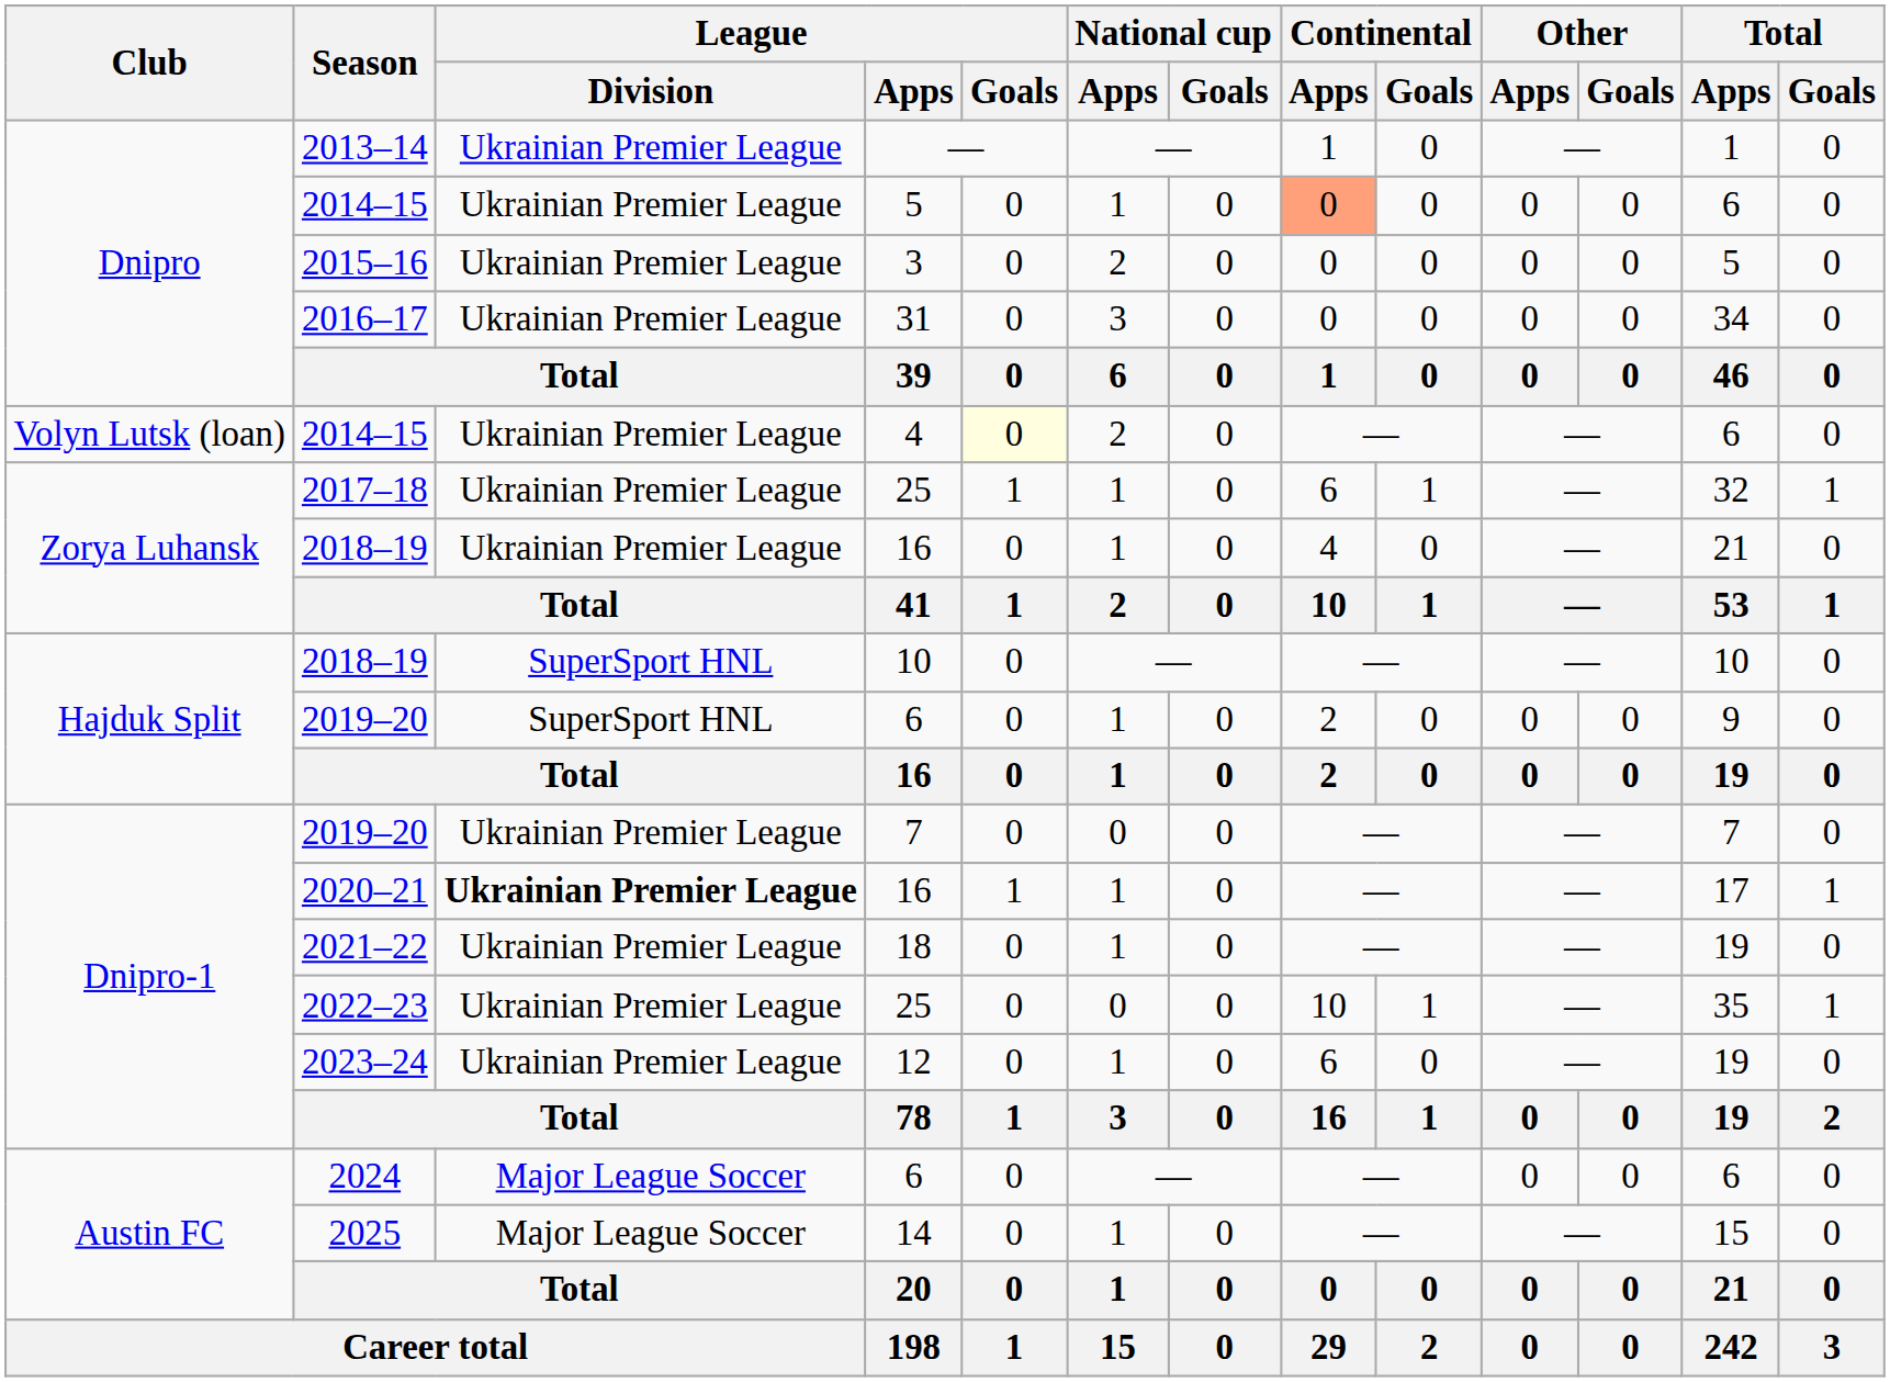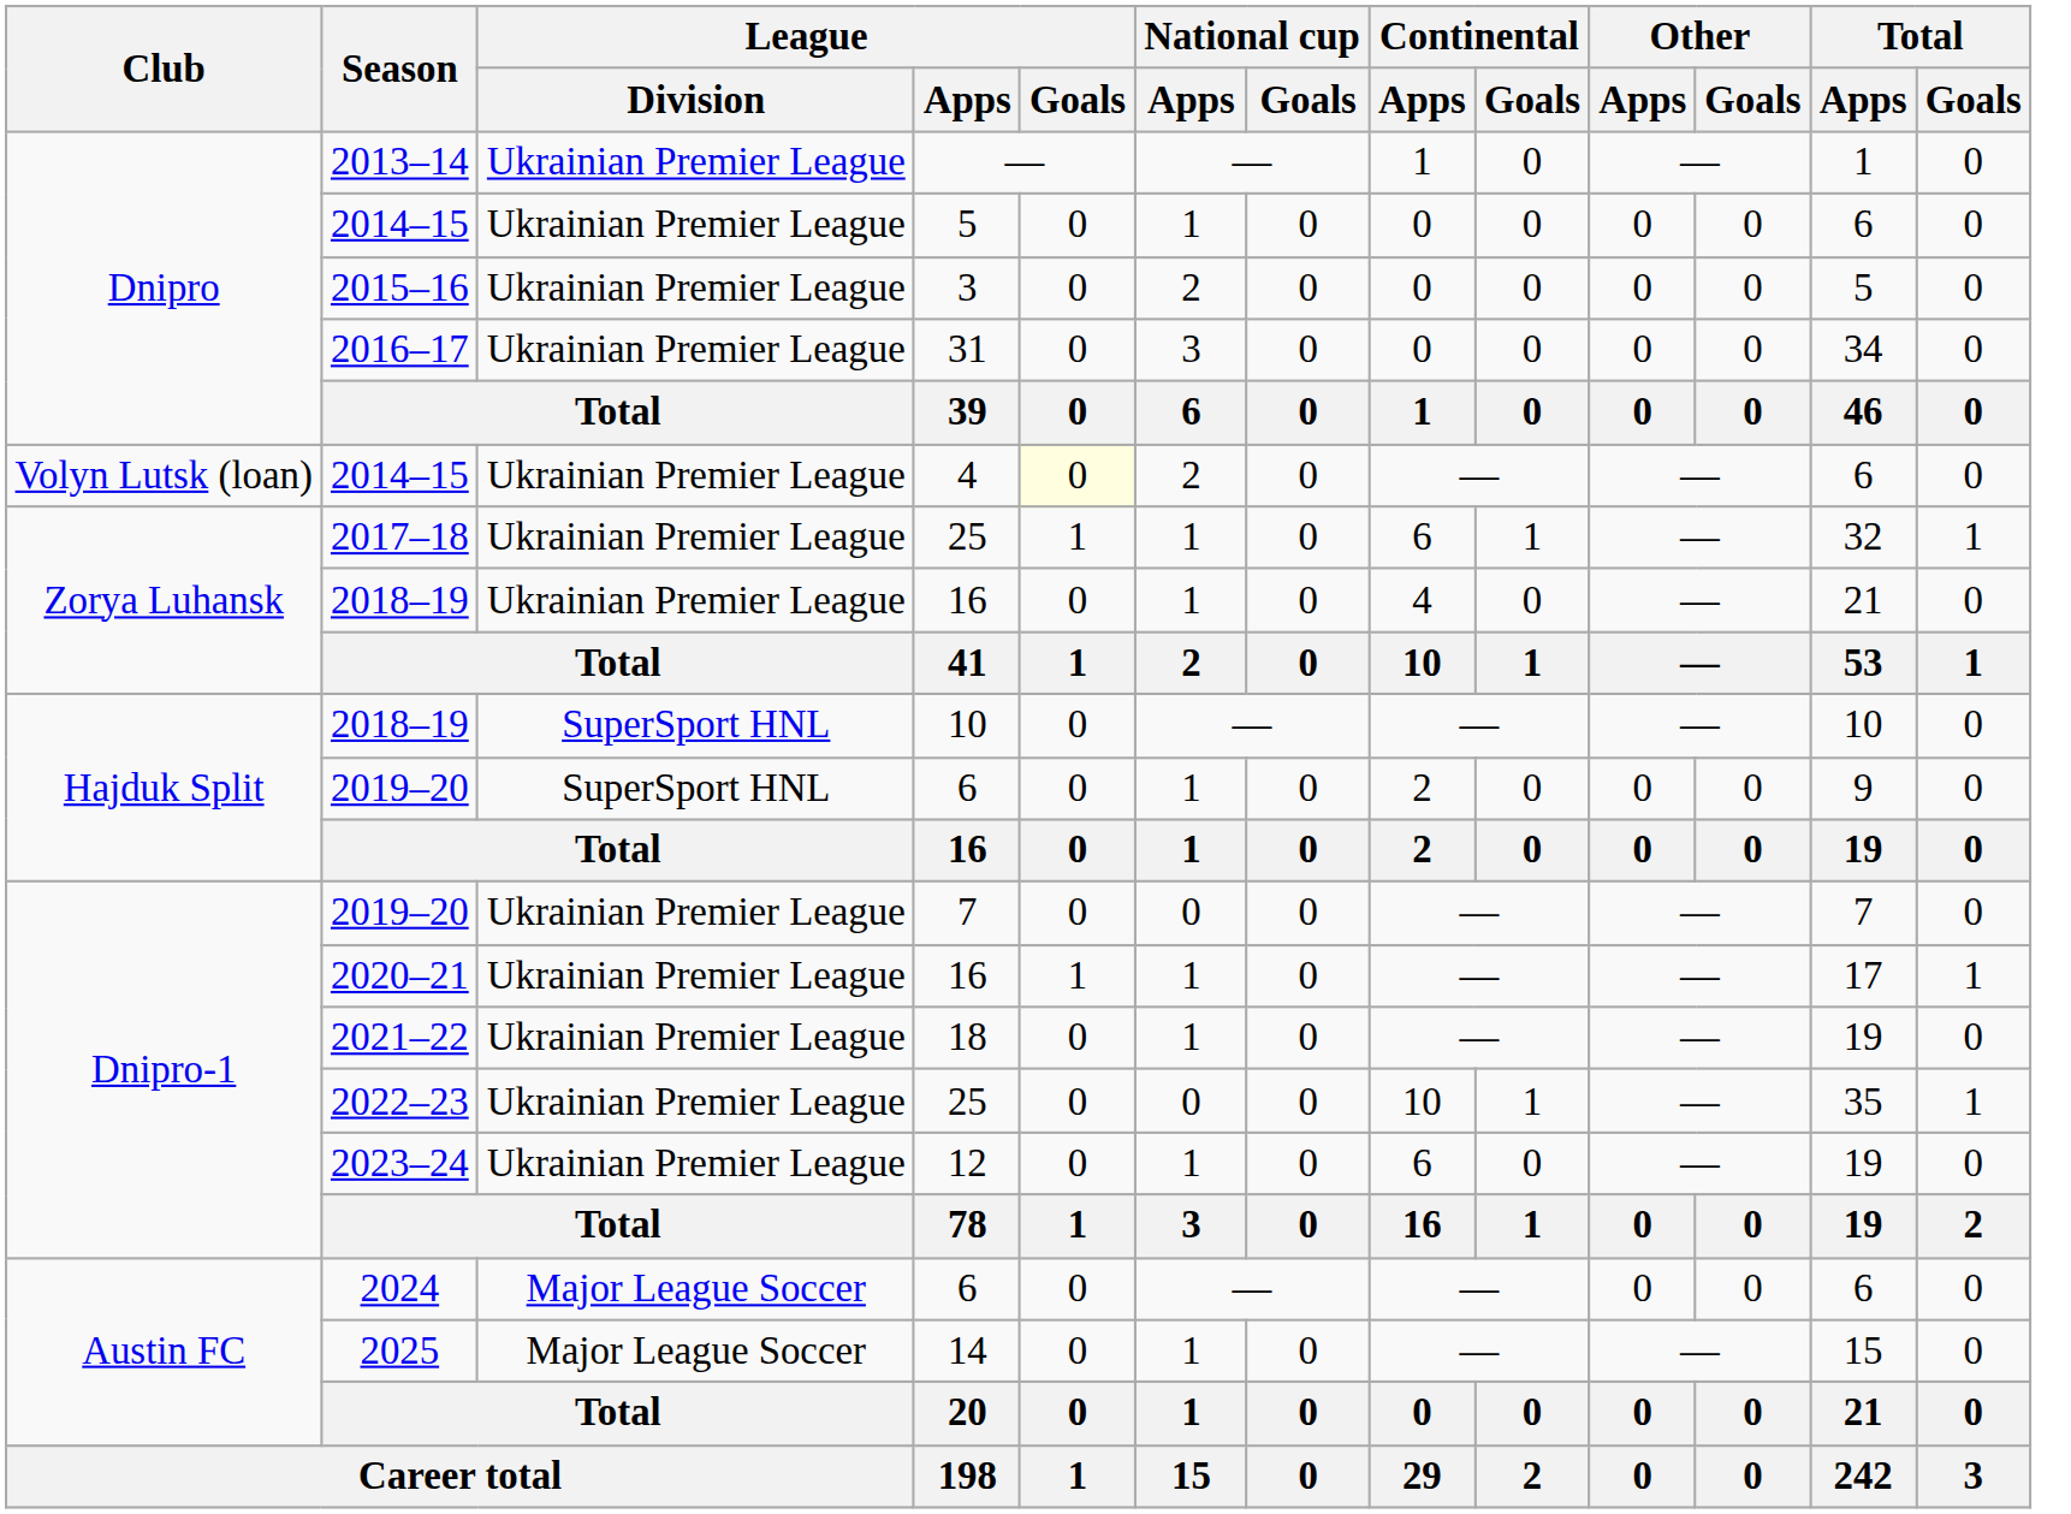 <table class="wikitable" style="text-align:center">
 <tr>
 <th rowspan="2">Club</th>
 <th rowspan="2">Season</th>
 <th colspan="3">League</th>
 <th colspan="2">National cup</th>
 <th colspan="2">Continental</th>
 <th colspan="2">Other</th>
 <th colspan="2">Total</th>
 </tr>
 <tr>
 <th>Division</th>
 <th>Apps</th>
 <th>Goals</th>
 <th>Apps</th>
 <th>Goals</th>
 <th>Apps</th>
 <th>Goals</th>
 <th>Apps</th>
 <th>Goals</th>
 <th>Apps</th>
 <th>Goals</th>
 </tr>
 <tr>
 <td rowspan="5"><a href='#'>Dnipro</a></td>
 <td><a href='#'>2013–14</a></td>
 <td><a href='#'>Ukrainian Premier League</a></td>
 <td colspan="2">—</td>
 <td colspan="2">—</td>
 <td>1</td>
 <td>0</td>
 <td colspan="2">—</td>
 <td>1</td>
 <td>0</td>
 </tr>
 <tr>
 <td><a href='#'>2014–15</a></td>
 <td>Ukrainian Premier League</td>
 <td>5</td>
 <td>0</td>
 <td>1</td>
 <td>0</td>
-<td style="background: lightsalmon;">0</td>
+<td>0</td>
 <td>0</td>
 <td>0</td>
 <td>0</td>
 <td>6</td>
 <td>0</td>
 </tr>
 <tr>
 <td><a href='#'>2015–16</a></td>
 <td>Ukrainian Premier League</td>
 <td>3</td>
 <td>0</td>
 <td>2</td>
 <td>0</td>
 <td>0</td>
 <td>0</td>
 <td>0</td>
 <td>0</td>
 <td>5</td>
 <td>0</td>
 </tr>
 <tr>
 <td><a href='#'>2016–17</a></td>
 <td>Ukrainian Premier League</td>
 <td>31</td>
 <td>0</td>
 <td>3</td>
 <td>0</td>
 <td>0</td>
 <td>0</td>
 <td>0</td>
 <td>0</td>
 <td>34</td>
 <td>0</td>
 </tr>
 <tr>
 <th colspan="2">Total</th>
 <th>39</th>
 <th>0</th>
 <th>6</th>
 <th>0</th>
 <th>1</th>
 <th>0</th>
 <th>0</th>
 <th>0</th>
 <th>46</th>
 <th>0</th>
 </tr>
 <tr>
 <td><a href='#'>Volyn Lutsk</a> (loan)</td>
 <td><a href='#'>2014–15</a></td>
 <td>Ukrainian Premier League</td>
 <td>4</td>
 <td style="background: lightyellow;">0</td>
 <td>2</td>
 <td>0</td>
 <td colspan="2">—</td>
 <td colspan="2">—</td>
 <td>6</td>
 <td>0</td>
 </tr>
 <tr>
 <td rowspan="3"><a href='#'>Zorya Luhansk</a></td>
 <td><a href='#'>2017–18</a></td>
 <td>Ukrainian Premier League</td>
 <td>25</td>
 <td>1</td>
 <td>1</td>
 <td>0</td>
 <td>6</td>
 <td>1</td>
 <td colspan="2">—</td>
 <td>32</td>
 <td>1</td>
 </tr>
 <tr>
 <td><a href='#'>2018–19</a></td>
 <td>Ukrainian Premier League</td>
 <td>16</td>
 <td>0</td>
 <td>1</td>
 <td>0</td>
 <td>4</td>
 <td>0</td>
 <td colspan="2">—</td>
 <td>21</td>
 <td>0</td>
 </tr>
 <tr>
 <th colspan="2">Total</th>
 <th>41</th>
 <th>1</th>
 <th>2</th>
 <th>0</th>
 <th>10</th>
 <th>1</th>
 <th colspan="2">—</th>
 <th>53</th>
 <th>1</th>
 </tr>
 <tr>
 <td rowspan="3"><a href='#'>Hajduk Split</a></td>
 <td><a href='#'>2018–19</a></td>
 <td><a href='#'>SuperSport HNL</a></td>
 <td>10</td>
 <td>0</td>
 <td colspan="2">—</td>
 <td colspan="2">—</td>
 <td colspan="2">—</td>
 <td>10</td>
 <td>0</td>
 </tr>
 <tr>
 <td><a href='#'>2019–20</a></td>
 <td>SuperSport HNL</td>
 <td>6</td>
 <td>0</td>
 <td>1</td>
 <td>0</td>
 <td>2</td>
 <td>0</td>
 <td>0</td>
 <td>0</td>
 <td>9</td>
 <td>0</td>
 </tr>
 <tr>
 <th colspan="2">Total</th>
 <th>16</th>
 <th>0</th>
 <th>1</th>
 <th>0</th>
 <th>2</th>
 <th>0</th>
 <th>0</th>
 <th>0</th>
 <th>19</th>
 <th>0</th>
 </tr>
 <tr>
 <td rowspan="6"><a href='#'>Dnipro-1</a></td>
 <td><a href='#'>2019–20</a></td>
 <td>Ukrainian Premier League</td>
 <td>7</td>
 <td>0</td>
 <td>0</td>
 <td>0</td>
 <td colspan="2">—</td>
 <td colspan="2">—</td>
 <td>7</td>
 <td>0</td>
 </tr>
 <tr>
 <td><a href='#'>2020–21</a></td>
-<td><strong>Ukrainian Premier League</strong></td>
+<td>Ukrainian Premier League</td>
 <td>16</td>
 <td>1</td>
 <td>1</td>
 <td>0</td>
 <td colspan="2">—</td>
 <td colspan="2">—</td>
 <td>17</td>
 <td>1</td>
 </tr>
 <tr>
 <td><a href='#'>2021–22</a></td>
 <td>Ukrainian Premier League</td>
 <td>18</td>
 <td>0</td>
 <td>1</td>
 <td>0</td>
 <td colspan="2">—</td>
 <td colspan="2">—</td>
 <td>19</td>
 <td>0</td>
 </tr>
 <tr>
 <td><a href='#'>2022–23</a></td>
 <td>Ukrainian Premier League</td>
 <td>25</td>
 <td>0</td>
 <td>0</td>
 <td>0</td>
 <td>10</td>
 <td>1</td>
 <td colspan="2">—</td>
 <td>35</td>
 <td>1</td>
 </tr>
 <tr>
 <td><a href='#'>2023–24</a></td>
 <td>Ukrainian Premier League</td>
 <td>12</td>
 <td>0</td>
 <td>1</td>
 <td>0</td>
 <td>6</td>
 <td>0</td>
 <td colspan="2">—</td>
 <td>19</td>
 <td>0</td>
 </tr>
 <tr>
 <th colspan="2">Total</th>
 <th>78</th>
 <th>1</th>
 <th>3</th>
 <th>0</th>
 <th>16</th>
 <th>1</th>
 <th>0</th>
 <th>0</th>
 <th>19</th>
 <th>2</th>
 </tr>
 <tr>
 <td rowspan=3><a href='#'>Austin FC</a></td>
 <td><a href='#'>2024</a></td>
 <td><a href='#'>Major League Soccer</a></td>
 <td>6</td>
 <td>0</td>
 <td colspan="2">—</td>
 <td colspan="2">—</td>
 <td>0</td>
 <td>0</td>
 <td>6</td>
 <td>0</td>
 </tr>
 <tr>
 <td><a href='#'>2025</a></td>
 <td>Major League Soccer</td>
 <td>14</td>
 <td>0</td>
 <td>1</td>
 <td>0</td>
 <td colspan="2">—</td>
 <td colspan="2">—</td>
 <td>15</td>
 <td>0</td>
 </tr>
 <tr>
 <th colspan="2">Total</th>
 <th>20</th>
 <th>0</th>
 <th>1</th>
 <th>0</th>
 <th>0</th>
 <th>0</th>
 <th>0</th>
 <th>0</th>
 <th>21</th>
 <th>0</th>
 </tr>
 <tr>
 <th colspan="3">Career total</th>
 <th>198</th>
 <th>1</th>
 <th>15</th>
 <th>0</th>
 <th>29</th>
 <th>2</th>
 <th>0</th>
 <th>0</th>
 <th>242</th>
 <th>3</th>
 </tr>
 </table>
